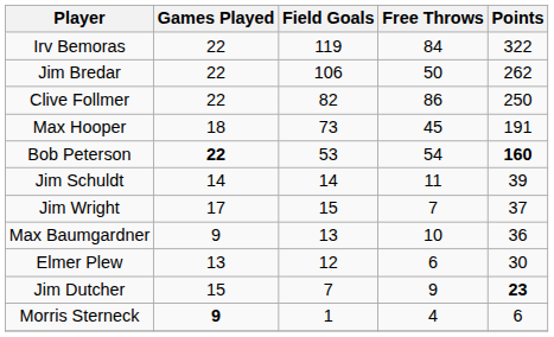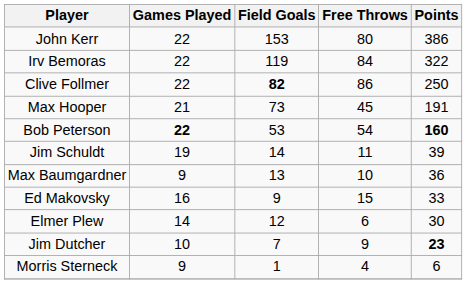 <table class="wikitable sortable">
 <tr>
 <th>Player</th>
 <th>Games Played</th>
 <th>Field Goals</th>
 <th>Free Throws</th>
 <th>Points</th>
 </tr>
 <tr align="center" bgcolor="">
+<td>John Kerr</td>
+<td>22</td>
+<td>153</td>
+<td>80</td>
+<td>386</td>
+</tr>
+<tr align="center" bgcolor="">
 <td>Irv Bemoras</td>
 <td>22</td>
 <td>119</td>
 <td>84</td>
 <td>322</td>
 </tr>
 <tr align="center" bgcolor="">
-<td>Jim Bredar</td>
-<td>22</td>
-<td>106</td>
-<td>50</td>
-<td>262</td>
-</tr>
-<tr align="center" bgcolor="">
 <td>Clive Follmer</td>
 <td>22</td>
-<td>82</td>
+<td><strong>82</strong></td>
 <td>86</td>
 <td>250</td>
 </tr>
 <tr align="center" bgcolor="">
 <td>Max Hooper</td>
-<td>18</td>
+<td>21</td>
 <td>73</td>
 <td>45</td>
 <td>191</td>
 </tr>
 <tr align="center" bgcolor="">
 <td>Bob Peterson</td>
 <td><strong>22</strong></td>
 <td>53</td>
 <td>54</td>
 <td><strong>160</strong></td>
 </tr>
 <tr align="center" bgcolor="">
 <td>Jim Schuldt</td>
-<td>14</td>
+<td>19</td>
 <td>14</td>
 <td>11</td>
 <td>39</td>
-</tr>
-<tr align="center" bgcolor="">
-<td>Jim Wright</td>
-<td>17</td>
-<td>15</td>
-<td>7</td>
-<td>37</td>
 </tr>
 <tr align="center" bgcolor="">
 <td>Max Baumgardner</td>
 <td>9</td>
 <td>13</td>
 <td>10</td>
 <td>36</td>
 </tr>
 <tr align="center" bgcolor="">
+<td>Ed Makovsky</td>
+<td>16</td>
+<td>9</td>
+<td>15</td>
+<td>33</td>
+</tr>
+<tr align="center" bgcolor="">
 <td>Elmer Plew</td>
-<td>13</td>
+<td>14</td>
 <td>12</td>
 <td>6</td>
 <td>30</td>
 </tr>
 <tr align="center" bgcolor="">
 <td>Jim Dutcher</td>
-<td>15</td>
+<td>10</td>
 <td>7</td>
 <td>9</td>
 <td><strong>23</strong></td>
 </tr>
 <tr align="center" bgcolor="">
 <td>Morris Sterneck</td>
-<td><strong>9</strong></td>
+<td>9</td>
 <td>1</td>
 <td>4</td>
 <td>6</td>
 </tr>
 <tr align="center" bgcolor="">
 </tr>
 </table>
